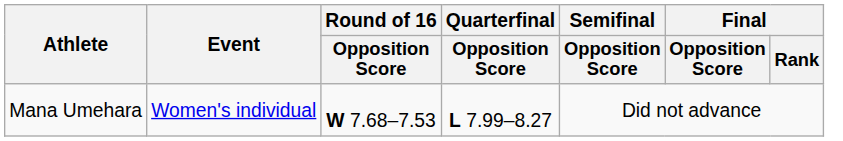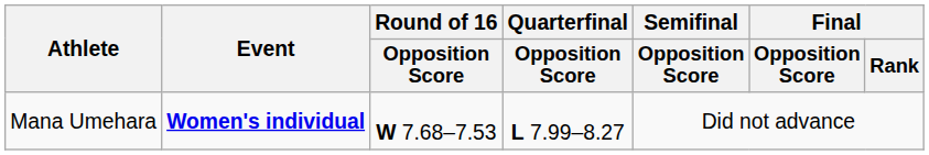 <table class=wikitable style=font-size:90%;text-align:center>
 <tr>
 <th rowspan=2>Athlete</th>
 <th rowspan=2>Event</th>
 <th>Round of 16</th>
 <th>Quarterfinal</th>
 <th>Semifinal</th>
 <th colspan=2>Final</th>
 </tr>
 <tr style=font-size:95%>
 <th>Opposition<br>Score</th>
 <th>Opposition<br>Score</th>
 <th>Opposition<br>Score</th>
 <th>Opposition<br>Score</th>
 <th>Rank</th>
 </tr>
 <tr>
 <td style="text-align:left">Mana Umehara</td>
-<td style="text-align:left"><a href='#'>Women's individual</a></td>
+<td style="text-align:left"><strong><a href='#'>Women's individual</a></strong></td>
 <td><br><strong>W</strong> 7.68–7.53</td>
 <td><br><strong>L</strong> 7.99–8.27</td>
 <td colspan=3>Did not advance</td>
 </tr>
 </table>
